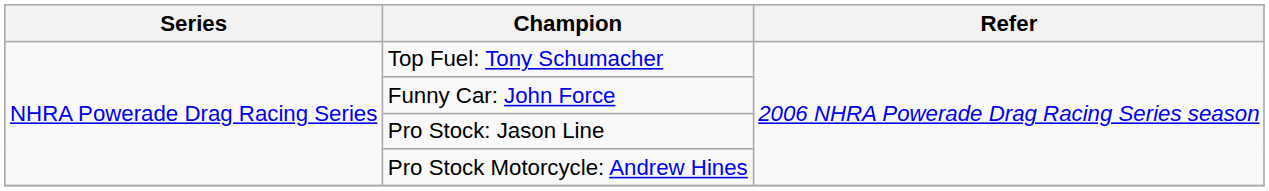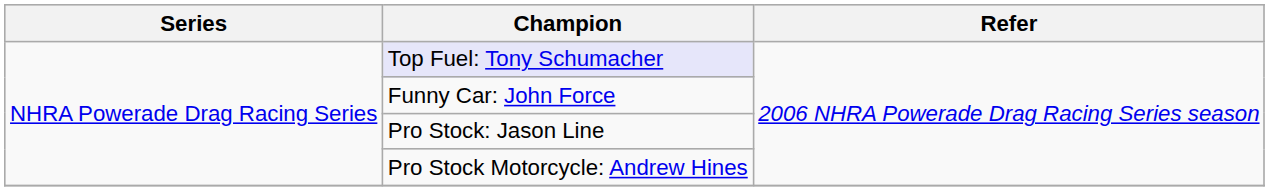 <table class="wikitable" style="font-size:87%;">
 <tr>
 <th>Series</th>
 <th>Champion</th>
 <th>Refer</th>
 </tr>
 <tr>
 <td rowspan=4><a href='#'>NHRA Powerade Drag Racing Series</a></td>
-<td>Top Fuel:  <a href='#'>Tony Schumacher</a></td>
+<td style="background: lavender;">Top Fuel:  <a href='#'>Tony Schumacher</a></td>
 <td rowspan=4><em><a href='#'>2006 NHRA Powerade Drag Racing Series season</a></em></td>
 </tr>
 <tr>
 <td>Funny Car:  <a href='#'>John Force</a></td>
 </tr>
 <tr>
 <td>Pro Stock:  Jason Line</td>
 </tr>
 <tr>
 <td>Pro Stock Motorcycle:  <a href='#'>Andrew Hines</a></td>
 </tr>
 <tr>
 </tr>
 </table>
